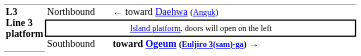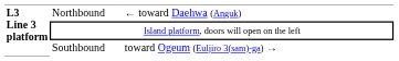 <table table border=0 cellspacing=0 cellpadding=3>
 <tr>
 <td style="border-top:solid 1px gray;border-bottom:solid 1px gray;" width=50 rowspan=10 valign=top><strong>L3<br>Line 3 platform</strong></td>
 <td style="border-bottom:solid 0px gray;border-top:solid 1px gray;" width=100>Northbound</td>
 <td style="border-bottom:solid 0px gray;border-top:solid 1px gray;" width=390>←  toward <a href='#'>Daehwa</a> <small>(<a href='#'>Anguk</a>)</small></td>
 </tr>
 <tr>
 <td style="border-top:solid 2px black;border-right:solid 2px black;border-left:solid 2px black;border-bottom:solid 2px black;text-align:center;" colspan=2><small><a href='#'>Island platform</a>, doors will open on the left</small></td>
 </tr>
 <tr>
 <td>Southbound</td>
-<td><strong>  toward <a href='#'>Ogeum</a> <small>(<a href='#'>Euljiro 3(sam)-ga</a>)</small> →</strong></td>
+<td>  toward <a href='#'>Ogeum</a> <small>(<a href='#'>Euljiro 3(sam)-ga</a>)</small> →</td>
 </tr>
 </table>
